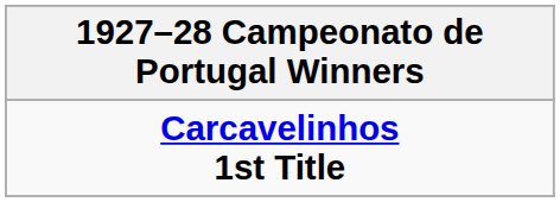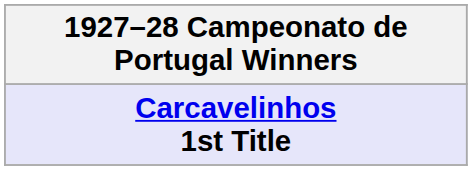 <table class="wikitable" style="text-align: center; margin: 0 auto; width: 20%">
 <tr>
 <th>1927–28 Campeonato de Portugal Winners</th>
 </tr>
 <tr>
-<td><strong><a href='#'>Carcavelinhos</a></strong><br><strong>1st Title</strong></td>
+<td style="background: lavender;"><strong><a href='#'>Carcavelinhos</a></strong><br><strong>1st Title</strong></td>
 </tr>
 </table>
